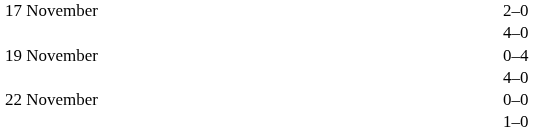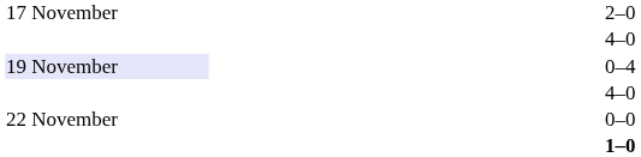 <table cellspacing=1 width=85%>
 <tr>
 <th width=15%></th>
 <th width=25%></th>
 <th width=10%></th>
 <th width=25%></th>
 <th width=25%></th>
 </tr>
 <tr>
 <td>17 November</td>
 <td align=right></td>
 <td align=center>2–0</td>
 <td></td>
 </tr>
 <tr>
 <td></td>
 <td align=right></td>
 <td align=center>4–0</td>
 <td></td>
 </tr>
 <tr>
-<td>19 November</td>
+<td style="background: lavender;">19 November</td>
 <td align=right></td>
 <td align=center>0–4</td>
 <td></td>
 </tr>
 <tr>
 <td></td>
 <td align=right></td>
 <td align=center>4–0</td>
 <td></td>
 </tr>
 <tr>
 <td>22 November</td>
 <td align=right></td>
 <td align=center>0–0</td>
 <td></td>
 </tr>
 <tr>
 <td></td>
 <td align=right></td>
-<td align=center>1–0</td>
+<td align=center><strong>1–0</strong></td>
 <td></td>
 </tr>
 </table>
